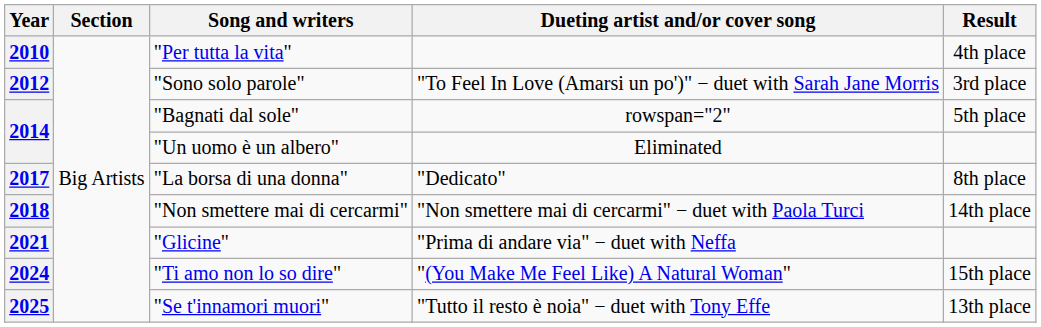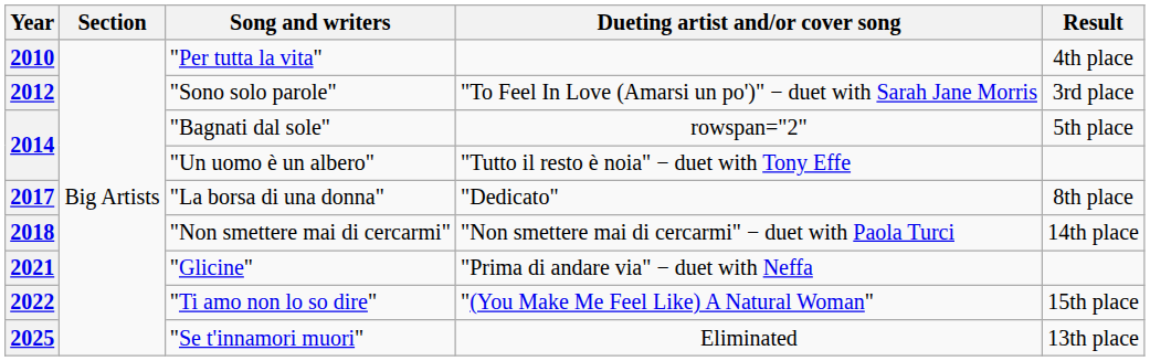 <table class="wikitable plainrowheaders" style="text-align:center;">
 <tr>
 <th>Year</th>
 <th>Section</th>
 <th>Song and writers</th>
 <th>Dueting artist and/or cover song</th>
 <th>Result</th>
 </tr>
 <tr>
 <th scope="row"><a href='#'>2010</a></th>
 <td rowspan="9">Big Artists</td>
 <td style="text-align:left;">"<a href='#'>Per tutta la vita</a>"<br></td>
 <td></td>
 <td>4th place</td>
 </tr>
 <tr>
 <th scope="row"><a href='#'>2012</a></th>
 <td style="text-align:left;">"Sono solo parole"<br></td>
 <td style="text-align:left;">"To Feel In Love (Amarsi un po')" − duet with <a href='#'>Sarah Jane Morris</a><br></td>
 <td>3rd place</td>
 </tr>
 <tr>
 <th scope="row" rowspan="2"><a href='#'>2014</a></th>
 <td style="text-align:left;">"Bagnati dal sole"<br></td>
 <td>rowspan="2" </td>
 <td>5th place</td>
 </tr>
 <tr>
 <td style="text-align:left;">"Un uomo è un albero"<br></td>
-<td>Eliminated<br></td>
+<td style="text-align:left;">"Tutto il resto è noia" − duet with <a href='#'>Tony Effe</a><br></td>
 </tr>
 <tr>
 <th scope="row"><a href='#'>2017</a></th>
 <td style="text-align:left;">"La borsa di una donna"<br></td>
 <td style="text-align:left;">"Dedicato"<br></td>
 <td>8th place</td>
 </tr>
 <tr>
 <th scope="row"><a href='#'>2018</a></th>
 <td style="text-align:left;">"Non smettere mai di cercarmi"<br></td>
 <td style="text-align:left;">"Non smettere mai di cercarmi" − duet with <a href='#'>Paola Turci</a><br></td>
 <td>14th place</td>
 </tr>
 <tr>
 <th scope="row"><a href='#'>2021</a></th>
 <td style="text-align:left;">"<a href='#'>Glicine</a>"<br></td>
 <td style="text-align:left;">"Prima di andare via" − duet with <a href='#'>Neffa</a><br></td>
 <td></td>
 </tr>
 <tr>
-<th scope="row"><a href='#'>2024</a></th>
+<th scope="row"><a href='#'>2022</a></th>
 <td style="text-align:left;">"<a href='#'>Ti amo non lo so dire</a>"<br></td>
 <td style="text-align:left;">"<a href='#'>(You Make Me Feel Like) A Natural Woman</a>"<br></td>
 <td>15th place</td>
 </tr>
 <tr>
 <th scope="row"><a href='#'>2025</a></th>
 <td style="text-align:left;">"<a href='#'>Se t'innamori muori</a>"<br></td>
-<td style="text-align:left;">"Tutto il resto è noia" − duet with <a href='#'>Tony Effe</a><br></td>
+<td>Eliminated<br></td>
 <td>13th place</td>
 </tr>
 </table>
